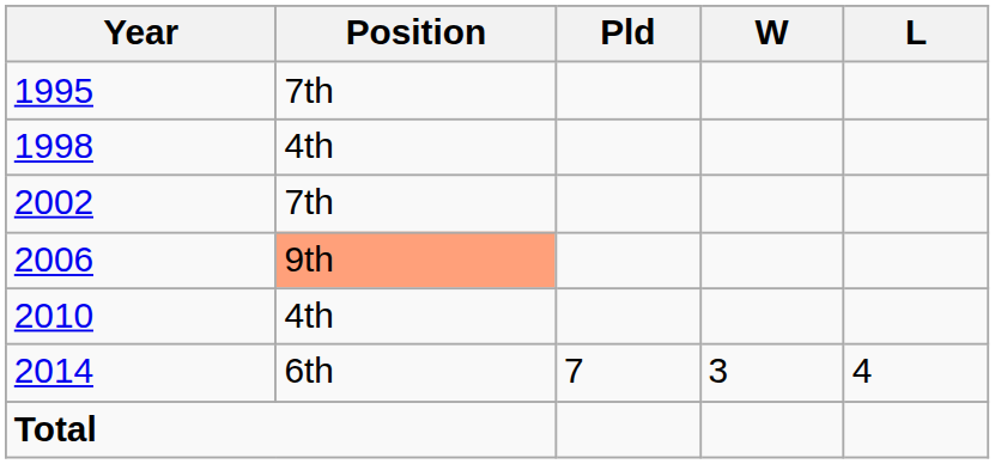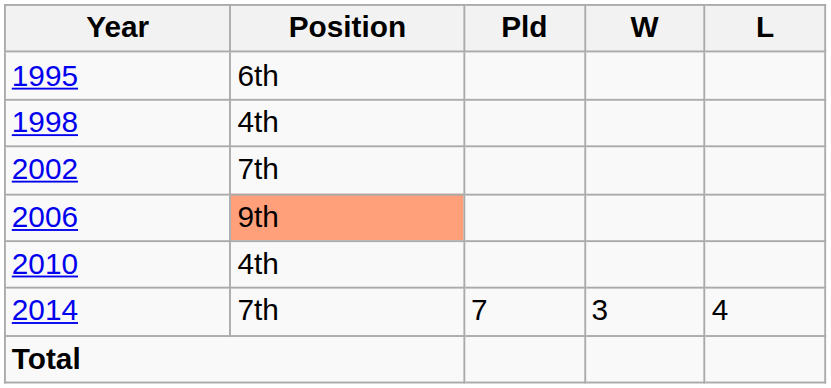 <table class="wikitable" style="width: 50%">
 <tr>
 <th width=15%>Year</th>
 <th width=15%>Position</th>
 <th width=8%>Pld</th>
 <th width=8%>W</th>
 <th width=8%>L</th>
 </tr>
 <tr>
 <td> <a href='#'>1995</a></td>
-<td>7th</td>
+<td>6th</td>
 <td></td>
 <td></td>
 <td></td>
 </tr>
 <tr>
 <td> <a href='#'>1998</a></td>
 <td>4th</td>
 <td></td>
 <td></td>
 <td></td>
 </tr>
 <tr>
 <td> <a href='#'>2002</a></td>
 <td>7th</td>
 <td></td>
 <td></td>
 <td></td>
 </tr>
 <tr>
 <td> <a href='#'>2006</a></td>
 <td style="background: lightsalmon;">9th</td>
 <td></td>
 <td></td>
 <td></td>
 </tr>
 <tr>
 <td> <a href='#'>2010</a></td>
 <td>4th</td>
 <td></td>
 <td></td>
 <td></td>
 </tr>
 <tr>
 <td> <a href='#'>2014</a></td>
-<td>6th</td>
+<td>7th</td>
 <td>7</td>
 <td>3</td>
 <td>4</td>
 </tr>
 <tr>
 <td colspan=2><strong>Total</strong></td>
 <td></td>
 <td></td>
 <td></td>
 </tr>
 </table>
